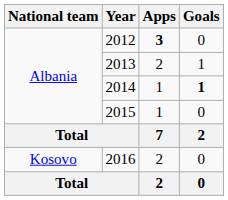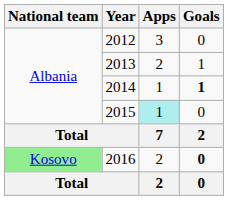 <table class="wikitable" style="text-align:center">
 <tr>
 <th>National team</th>
 <th>Year</th>
 <th>Apps</th>
 <th>Goals</th>
 </tr>
 <tr>
 <td rowspan="4"><a href='#'>Albania</a></td>
 <td>2012</td>
-<td><strong>3</strong></td>
+<td>3</td>
 <td>0</td>
 </tr>
 <tr>
 <td>2013</td>
 <td>2</td>
 <td>1</td>
 </tr>
 <tr>
 <td>2014</td>
 <td>1</td>
 <td><strong>1</strong></td>
 </tr>
 <tr>
 <td>2015</td>
-<td>1</td>
+<td style="background: paleturquoise;">1</td>
 <td>0</td>
 </tr>
 <tr>
 <th colspan="2">Total</th>
 <th>7</th>
 <th>2</th>
 </tr>
 <tr>
-<td><a href='#'>Kosovo</a></td>
+<td style="background: lightgreen;"><a href='#'>Kosovo</a></td>
 <td>2016</td>
 <td>2</td>
-<td>0</td>
+<td><strong>0</strong></td>
 </tr>
 <tr>
 <th colspan="2">Total</th>
 <th>2</th>
 <th>0</th>
 </tr>
 </table>
